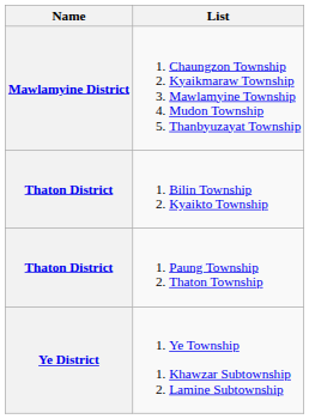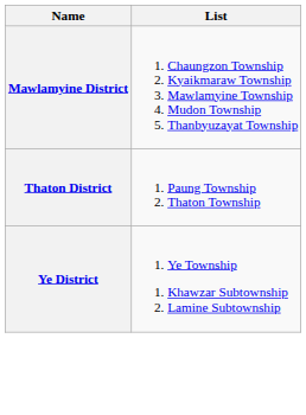 <table class=wikitable>
 <tr>
 <th>Name</th>
 <th>List</th>
 </tr>
 <tr>
 <th><a href='#'>Mawlamyine District</a></th>
 <td><br><ol><li><a href='#'>Chaungzon Township</a></li><li><a href='#'>Kyaikmaraw Township</a></li><li><a href='#'>Mawlamyine Township</a></li><li><a href='#'>Mudon Township</a></li><li><a href='#'>Thanbyuzayat Township</a></li></ol></td>
 </tr>
 <tr>
 <th><a href='#'>Thaton District</a></th>
-<td><br><ol><li><a href='#'>Bilin Township</a></li><li><a href='#'>Kyaikto Township</a></li></ol></td>
-</tr>
-<tr>
-<th><a href='#'>Thaton District</a></th>
 <td><br><ol><li><a href='#'>Paung Township</a></li><li><a href='#'>Thaton Township</a></li></ol></td>
 </tr>
 <tr>
 <th><a href='#'>Ye District</a></th>
 <td><br> <ol><li><a href='#'>Ye Township</a></li></ol><ol><li><a href='#'>Khawzar Subtownship</a></li><li><a href='#'>Lamine Subtownship</a></li></ol></td>
 </tr>
 </table>
